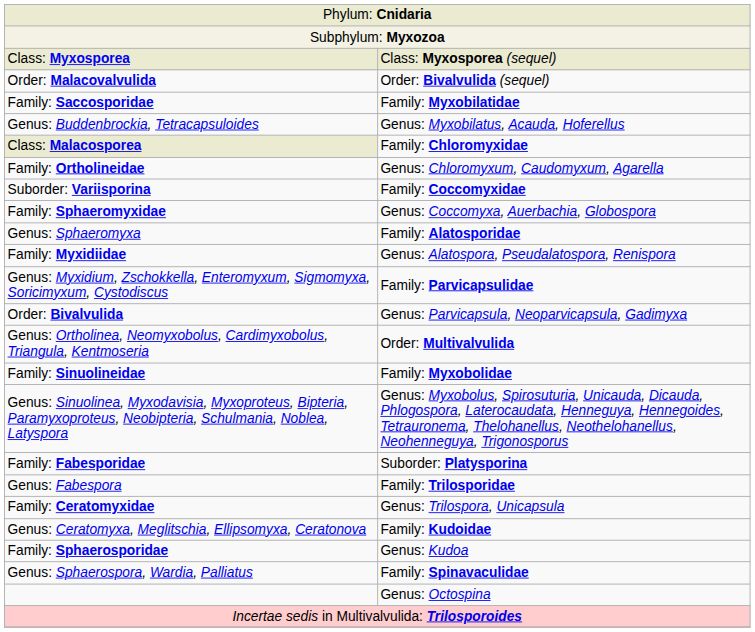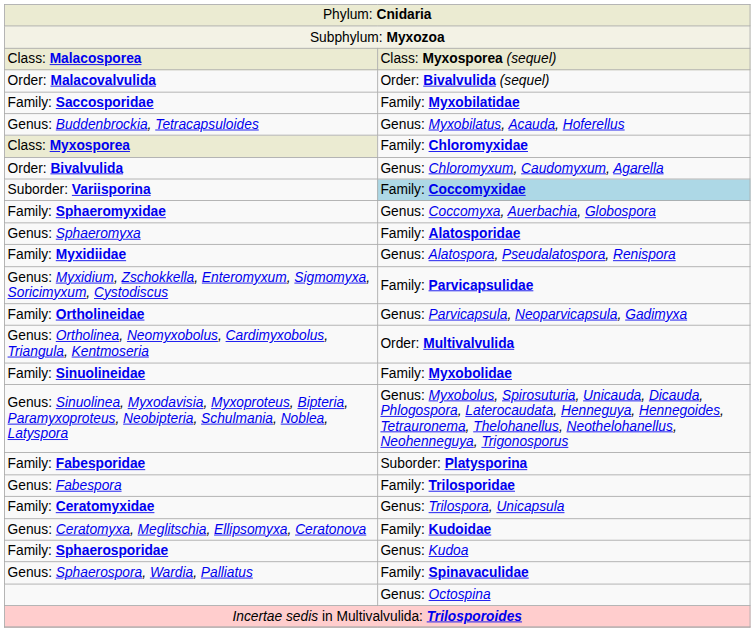 <table class="wikitable">
 <tr>
 <td colspan="2" style="text-align:center;background-color:#ebebd2;">Phylum: <strong>Cnidaria</strong></td>
 </tr>
 <tr>
 <td colspan="2" style="text-align:center;background-color:#f3f2e5;">Subphylum: <strong>Myxozoa</strong></td>
 </tr>
 <tr>
-<td style="background-color:#ebebd2;">Class: <strong><a href='#'>Myxosporea</a></strong></td>
+<td style="width:50%; background-color:#ebebd2;">Class: <strong><a href='#'>Malacosporea</a></strong></td>
 <td style="background-color:#ebebd2;">Class: <strong>Myxosporea</strong> <em>(sequel)</em></td>
 </tr>
 <tr>
 <td>Order: <strong><a href='#'>Malacovalvulida</a></strong></td>
 <td>Order: <strong><a href='#'>Bivalvulida</a></strong> <em>(sequel)</em></td>
 </tr>
 <tr>
 <td>Family: <strong><a href='#'>Saccosporidae</a></strong></td>
 <td>Family: <strong><a href='#'>Myxobilatidae</a></strong></td>
 </tr>
 <tr>
 <td>Genus: <em><a href='#'>Buddenbrockia</a>, <a href='#'>Tetracapsuloides</a></em></td>
 <td>Genus: <em><a href='#'>Myxobilatus</a>, <a href='#'>Acauda</a>, <a href='#'>Hoferellus</a></em></td>
 </tr>
 <tr>
-<td style="width:50%; background-color:#ebebd2;">Class: <strong><a href='#'>Malacosporea</a></strong></td>
+<td style="background-color:#ebebd2;">Class: <strong><a href='#'>Myxosporea</a></strong></td>
 <td>Family: <strong><a href='#'>Chloromyxidae</a></strong></td>
 </tr>
 <tr>
-<td>Family: <strong><a href='#'>Ortholineidae</a></strong></td>
+<td>Order: <strong><a href='#'>Bivalvulida</a></strong></td>
 <td>Genus: <em><a href='#'>Chloromyxum</a>, <a href='#'>Caudomyxum</a>, <a href='#'>Agarella</a></em></td>
 </tr>
 <tr>
 <td>Suborder: <strong><a href='#'>Variisporina</a></strong></td>
-<td>Family: <strong><a href='#'>Coccomyxidae</a></strong></td>
+<td style="background: lightblue;">Family: <strong><a href='#'>Coccomyxidae</a></strong></td>
 </tr>
 <tr>
 <td>Family: <strong><a href='#'>Sphaeromyxidae</a></strong></td>
 <td>Genus: <em><a href='#'>Coccomyxa</a>, <a href='#'>Auerbachia</a>, <a href='#'>Globospora</a></em></td>
 </tr>
 <tr>
 <td>Genus: <em><a href='#'>Sphaeromyxa</a></em></td>
 <td>Family: <strong><a href='#'>Alatosporidae</a></strong></td>
 </tr>
 <tr>
 <td>Family: <strong><a href='#'>Myxidiidae</a></strong></td>
 <td>Genus: <em><a href='#'>Alatospora</a>, <a href='#'>Pseudalatospora</a>, <a href='#'>Renispora</a></em></td>
 </tr>
 <tr>
 <td>Genus: <em><a href='#'>Myxidium</a>, <a href='#'>Zschokkella</a>, <a href='#'>Enteromyxum</a>, <a href='#'>Sigmomyxa</a>, <a href='#'>Soricimyxum</a>, <a href='#'>Cystodiscus</a></em></td>
 <td>Family: <strong><a href='#'>Parvicapsulidae</a></strong></td>
 </tr>
 <tr>
-<td>Order: <strong><a href='#'>Bivalvulida</a></strong></td>
+<td>Family: <strong><a href='#'>Ortholineidae</a></strong></td>
 <td>Genus: <em><a href='#'>Parvicapsula</a>, <a href='#'>Neoparvicapsula</a>, <a href='#'>Gadimyxa</a></em></td>
 </tr>
 <tr>
 <td>Genus: <em><a href='#'>Ortholinea</a>, <a href='#'>Neomyxobolus</a>, <a href='#'>Cardimyxobolus</a>, <a href='#'>Triangula</a>, <a href='#'>Kentmoseria</a></em></td>
 <td>Order: <strong><a href='#'>Multivalvulida</a></strong></td>
 </tr>
 <tr>
 <td>Family: <strong><a href='#'>Sinuolineidae</a></strong></td>
 <td>Family: <strong><a href='#'>Myxobolidae</a></strong></td>
 </tr>
 <tr>
 <td>Genus: <em><a href='#'>Sinuolinea</a>, <a href='#'>Myxodavisia</a>, <a href='#'>Myxoproteus</a>, <a href='#'>Bipteria</a>, <a href='#'>Paramyxoproteus</a>, <a href='#'>Neobipteria</a>, <a href='#'>Schulmania</a>, <a href='#'>Noblea</a>, <a href='#'>Latyspora</a></em></td>
 <td>Genus: <em><a href='#'>Myxobolus</a>, <a href='#'>Spirosuturia</a>, <a href='#'>Unicauda</a>, <a href='#'>Dicauda</a>, <a href='#'>Phlogospora</a>, <a href='#'>Laterocaudata</a>, <a href='#'>Henneguya</a>, <a href='#'>Hennegoides</a>, <a href='#'>Tetrauronema</a>, <a href='#'>Thelohanellus</a>, <a href='#'>Neothelohanellus</a>, <a href='#'>Neohenneguya</a>, <a href='#'>Trigonosporus</a></em></td>
 </tr>
 <tr>
 <td>Family: <strong><a href='#'>Fabesporidae</a></strong></td>
 <td>Suborder: <strong><a href='#'>Platysporina</a></strong></td>
 </tr>
 <tr>
 <td>Genus: <em><a href='#'>Fabespora</a></em></td>
 <td>Family: <strong><a href='#'>Trilosporidae</a></strong></td>
 </tr>
 <tr>
 <td>Family: <strong><a href='#'>Ceratomyxidae</a></strong></td>
 <td>Genus: <em><a href='#'>Trilospora</a>, <a href='#'>Unicapsula</a></em></td>
 </tr>
 <tr>
 <td>Genus: <em><a href='#'>Ceratomyxa</a>, <a href='#'>Meglitschia</a>, <a href='#'>Ellipsomyxa</a>, <a href='#'>Ceratonova</a></em></td>
 <td>Family: <strong><a href='#'>Kudoidae</a></strong></td>
 </tr>
 <tr>
 <td>Family: <strong><a href='#'>Sphaerosporidae</a></strong></td>
 <td>Genus: <em><a href='#'>Kudoa</a></em></td>
 </tr>
 <tr>
 <td>Genus: <em><a href='#'>Sphaerospora</a>, <a href='#'>Wardia</a>, <a href='#'>Palliatus</a></em></td>
 <td>Family: <strong><a href='#'>Spinavaculidae</a></strong></td>
 </tr>
 <tr>
 <td></td>
 <td>Genus: <em><a href='#'>Octospina</a></em></td>
 </tr>
 <tr>
 <td colspan=2 style="background-color:#FFCDCD;text-align:center;"><em>Incertae sedis</em> in Multivalvulida: <strong><em><a href='#'>Trilosporoides</a></em></strong></td>
 </tr>
 <tr>
 </tr>
 </table>
